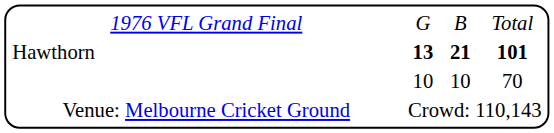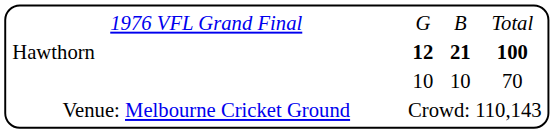 <table style="margin-right:4px; margin-top:8px; float:right; clear:right; border:1px #000 solid; border-radius:8px; background:#fff; font-family:Verdana; font-size:8pt; text-align:center;">
 <tr>
 <td style="width:200px;"><em><a href='#'>1976 VFL Grand Final</a></em></td>
 <td><em>G</em></td>
 <td><em>B</em></td>
 <td><em>Total</em></td>
 </tr>
 <tr>
 <td style="text-align:left">Hawthorn</td>
-<td><strong>13</strong></td>
+<td><strong>12</strong></td>
 <td><strong>21</strong></td>
-<td><strong>101</strong></td>
+<td><strong>100</strong></td>
 </tr>
 <tr>
 <td style="text-align:left"></td>
 <td>10</td>
 <td>10</td>
 <td>70</td>
 </tr>
 <tr>
 <td>Venue: <a href='#'>Melbourne Cricket Ground</a></td>
 <td colspan="3">Crowd: 110,143</td>
 </tr>
 </table>
